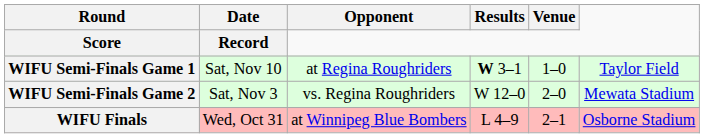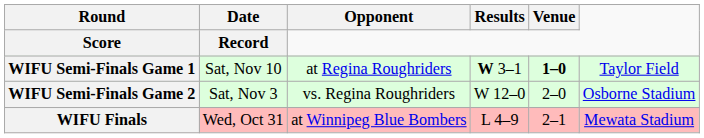 <table class="wikitable" style="text-align:center">
 <tr>
 <th>Round</th>
 <th>Date</th>
 <th>Opponent</th>
 <th>Results</th>
 <th>Venue</th>
 </tr>
 <tr>
 <th>Score</th>
 <th>Record</th>
 </tr>
 <tr style="background:#ddffdd">
 <th>WIFU Semi-Finals Game 1</th>
 <td>Sat, Nov 10</td>
 <td>at <a href='#'>Regina Roughriders</a></td>
 <td><strong>W</strong> 3–1</td>
-<td>1–0</td>
+<td><strong>1–0</strong></td>
 <td><a href='#'>Taylor Field</a></td>
 </tr>
 <tr style="background:#ddffdd">
 <th>WIFU Semi-Finals Game 2</th>
 <td>Sat, Nov 3</td>
 <td>vs. Regina Roughriders</td>
 <td>W 12–0</td>
 <td>2–0</td>
-<td><a href='#'>Mewata Stadium</a></td>
+<td><a href='#'>Osborne Stadium</a></td>
 </tr>
 <tr style="background:#ffbbbb">
 <th>WIFU Finals</th>
 <td>Wed, Oct 31</td>
 <td>at <a href='#'>Winnipeg Blue Bombers</a></td>
 <td>L 4–9</td>
 <td>2–1</td>
-<td><a href='#'>Osborne Stadium</a></td>
+<td><a href='#'>Mewata Stadium</a></td>
 </tr>
 </table>
